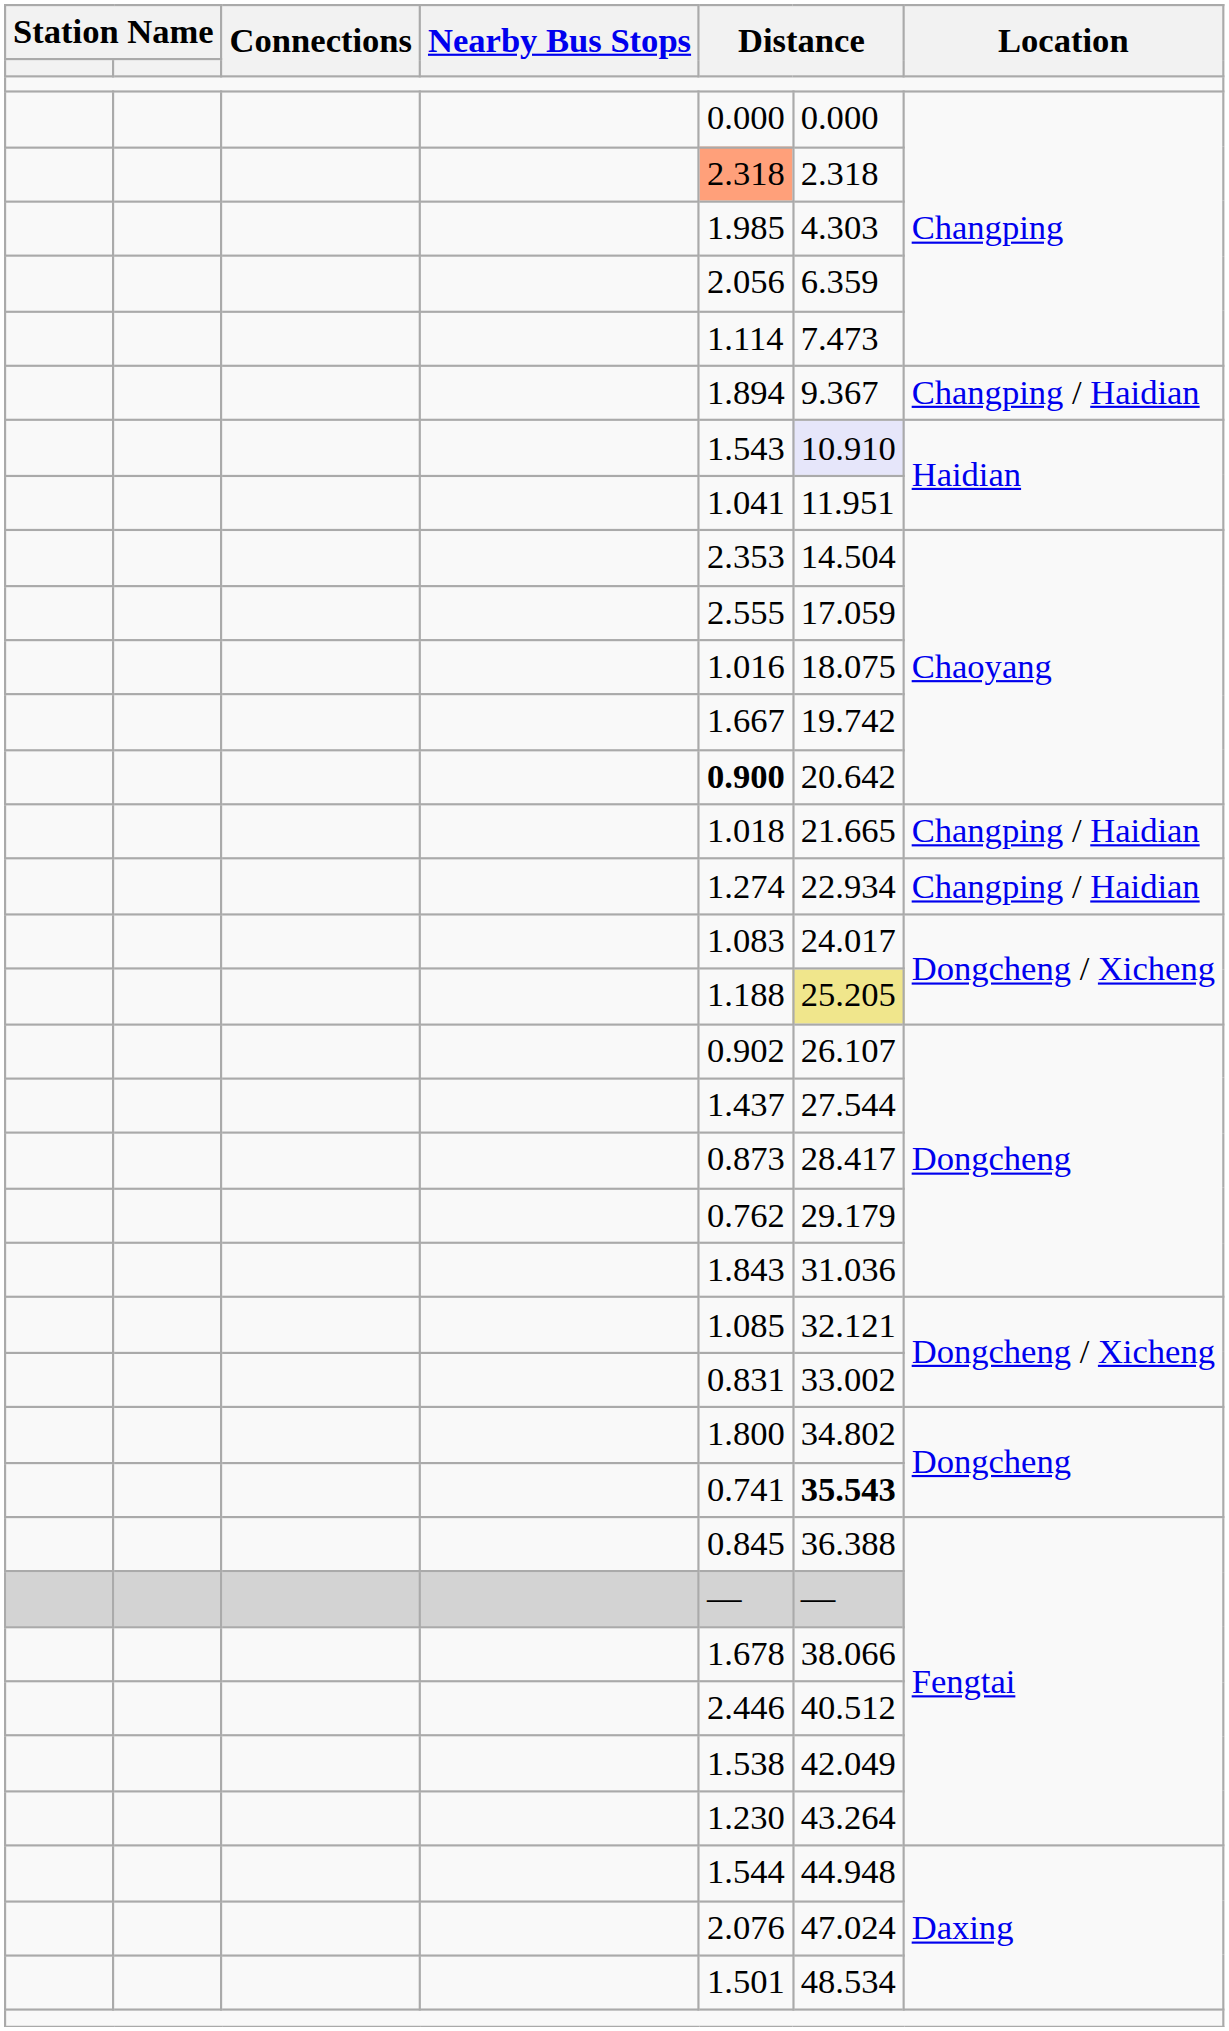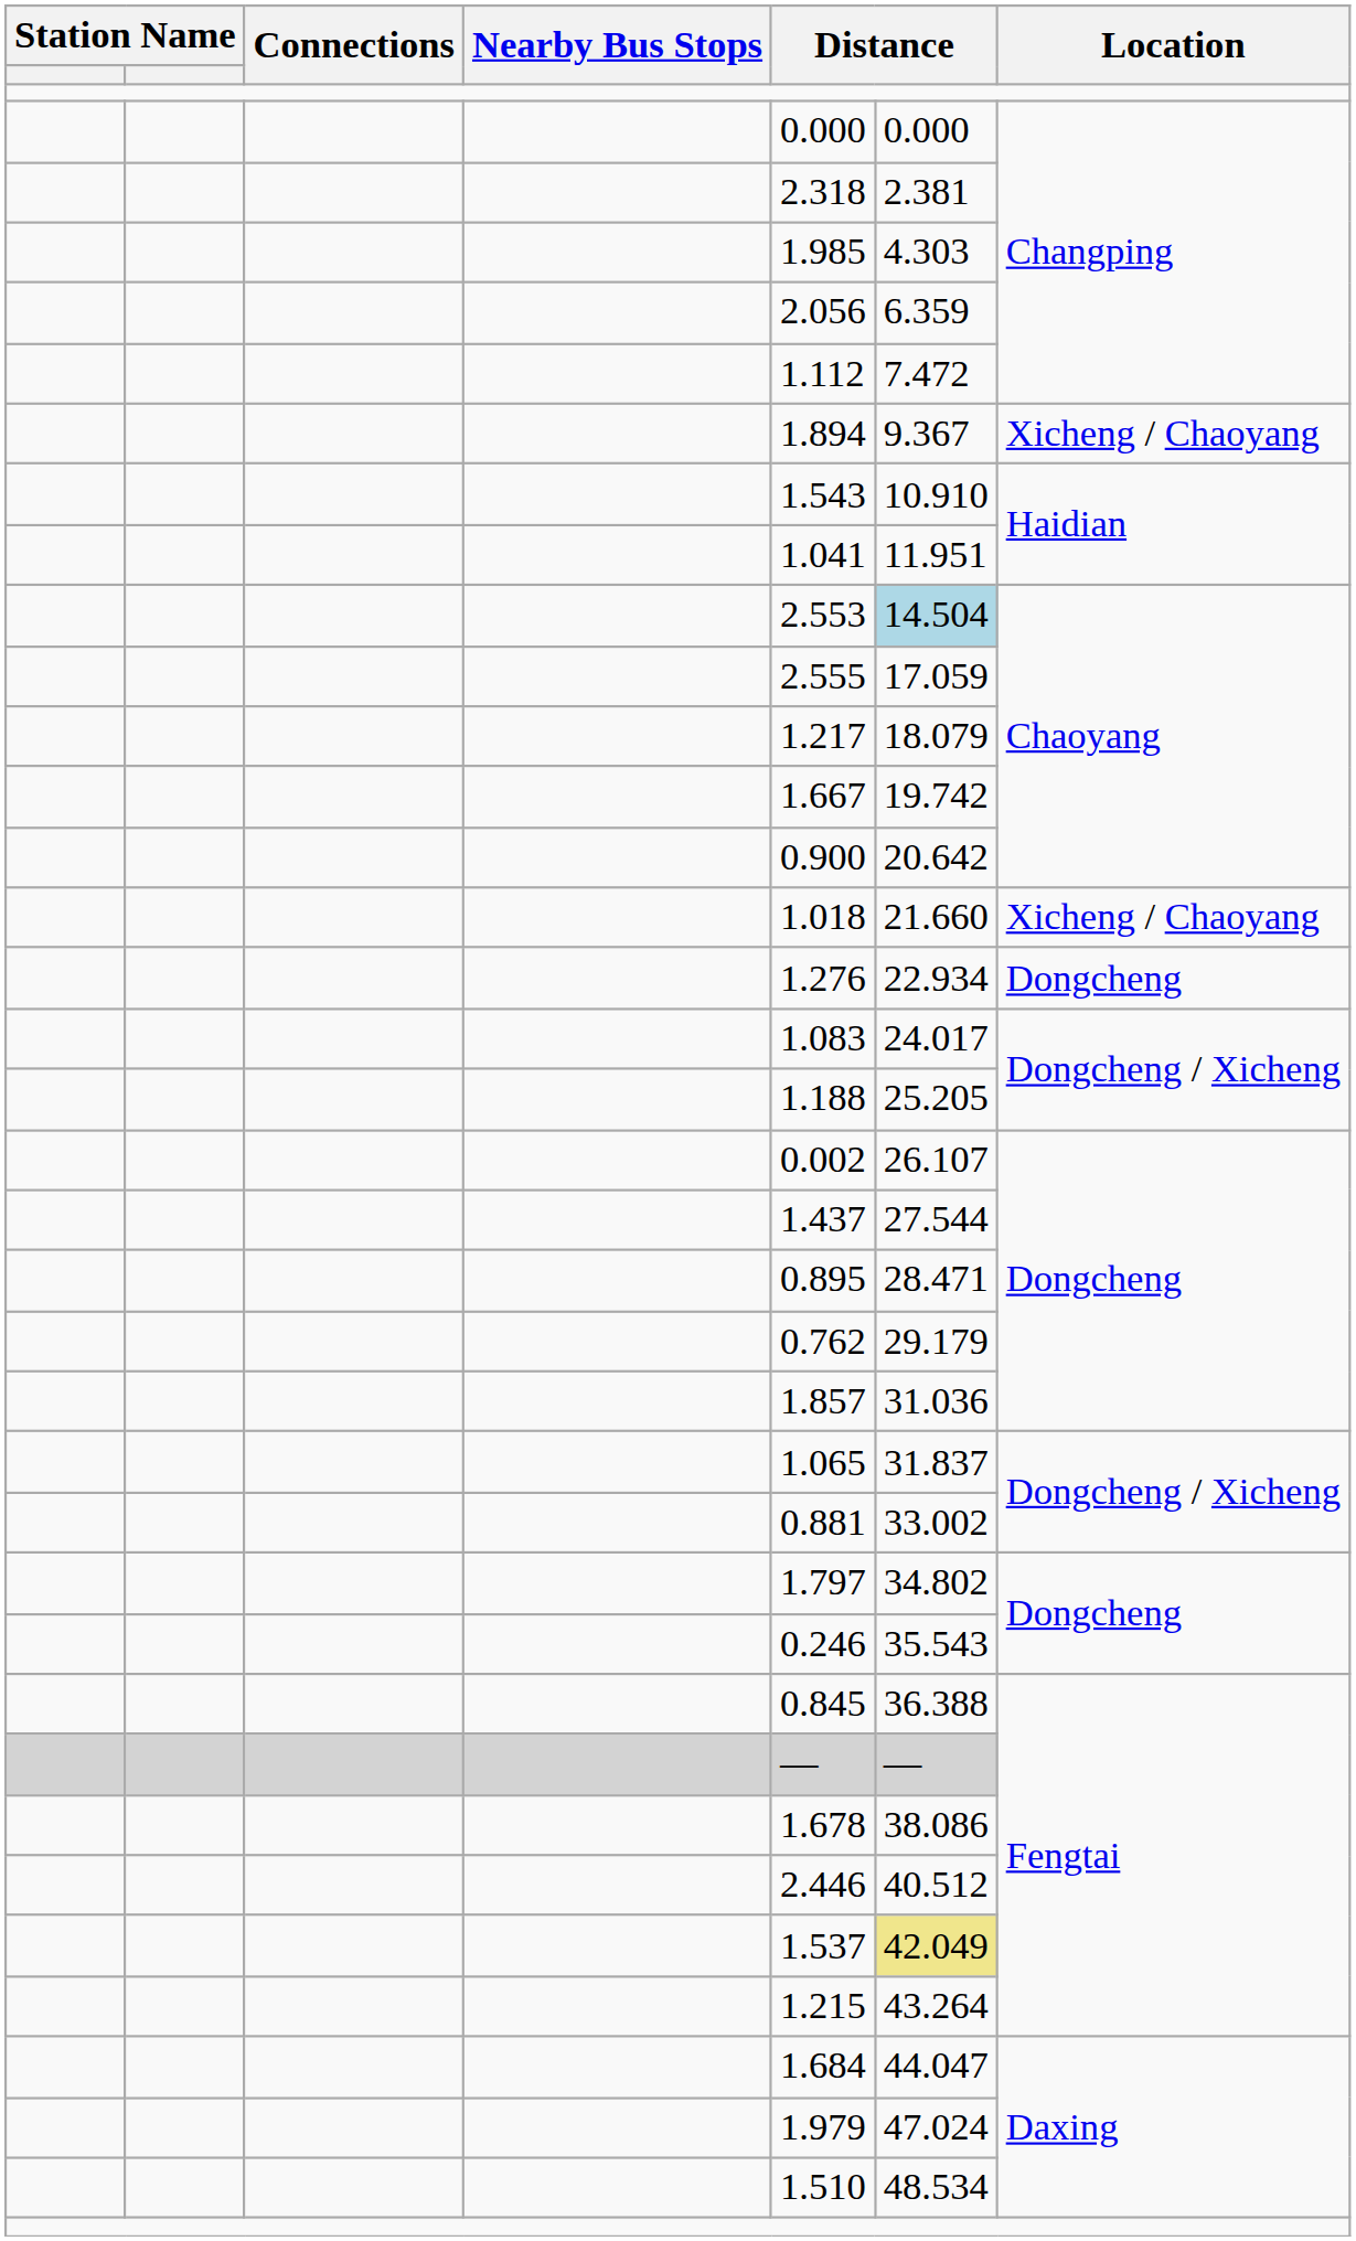 <table class="wikitable">
 <tr>
 <th colspan="2">Station Name</th>
 <th rowspan="2">Connections</th>
 <th rowspan="2"><a href='#'>Nearby Bus Stops</a></th>
 <th colspan="2" rowspan="2">Distance<br></th>
 <th rowspan="2">Location</th>
 </tr>
 <tr>
 <th></th>
 <th></th>
 </tr>
 <tr style="background:#">
 <td colspan = "9"></td>
 </tr>
 <tr>
 <td></td>
 <td></td>
 <td></td>
 <td></td>
 <td>0.000</td>
 <td>0.000</td>
 <td rowspan="5"><a href='#'>Changping</a></td>
 </tr>
 <tr>
 <td></td>
 <td></td>
 <td></td>
 <td></td>
-<td style="background: lightsalmon;">2.318</td>
 <td>2.318</td>
+<td>2.381</td>
 </tr>
 <tr>
 <td></td>
 <td></td>
 <td></td>
 <td></td>
 <td>1.985</td>
 <td>4.303</td>
 </tr>
 <tr>
 <td></td>
 <td></td>
 <td></td>
 <td></td>
 <td>2.056</td>
 <td>6.359</td>
 </tr>
 <tr>
 <td></td>
 <td></td>
 <td><br></td>
 <td></td>
-<td>1.114</td>
-<td>7.473</td>
+<td>1.112</td>
+<td>7.472</td>
 </tr>
 <tr>
 <td></td>
 <td></td>
 <td></td>
 <td></td>
 <td>1.894</td>
 <td>9.367</td>
-<td><a href='#'>Changping</a> / <a href='#'>Haidian</a></td>
+<td><a href='#'>Xicheng</a> / <a href='#'>Chaoyang</a></td>
 </tr>
 <tr>
 <td></td>
 <td></td>
 <td></td>
 <td></td>
 <td>1.543</td>
-<td style="background: lavender;">10.910</td>
+<td>10.910</td>
 <td rowspan="2"><a href='#'>Haidian</a></td>
 </tr>
 <tr>
 <td></td>
 <td></td>
 <td></td>
 <td></td>
 <td>1.041</td>
 <td>11.951</td>
 </tr>
 <tr>
 <td></td>
 <td></td>
 <td></td>
 <td></td>
-<td>2.353</td>
-<td>14.504</td>
+<td>2.553</td>
+<td style="background: lightblue;">14.504</td>
 <td rowspan="5"><a href='#'>Chaoyang</a></td>
 </tr>
 <tr>
 <td></td>
 <td></td>
 <td></td>
 <td></td>
 <td>2.555</td>
 <td>17.059</td>
 </tr>
 <tr>
 <td></td>
 <td></td>
 <td></td>
 <td></td>
-<td>1.016</td>
-<td>18.075</td>
+<td>1.217</td>
+<td>18.079</td>
 </tr>
 <tr>
 <td></td>
 <td></td>
 <td></td>
 <td></td>
 <td>1.667</td>
 <td>19.742</td>
 </tr>
 <tr>
 <td></td>
 <td></td>
 <td></td>
 <td></td>
-<td><strong>0.900</strong></td>
+<td>0.900</td>
 <td>20.642</td>
 </tr>
 <tr>
 <td></td>
 <td></td>
 <td></td>
 <td></td>
 <td>1.018</td>
-<td>21.665</td>
-<td><a href='#'>Changping</a> / <a href='#'>Haidian</a></td>
+<td>21.660</td>
+<td><a href='#'>Xicheng</a> / <a href='#'>Chaoyang</a></td>
 </tr>
 <tr>
 <td></td>
 <td></td>
 <td></td>
 <td></td>
-<td>1.274</td>
+<td>1.276</td>
 <td>22.934</td>
-<td><a href='#'>Changping</a> / <a href='#'>Haidian</a></td>
+<td><a href='#'>Dongcheng</a></td>
 </tr>
 <tr>
 <td></td>
 <td></td>
 <td></td>
 <td></td>
 <td>1.083</td>
 <td>24.017</td>
 <td rowspan="2"><a href='#'>Dongcheng</a> / <a href='#'>Xicheng</a></td>
 </tr>
 <tr>
 <td></td>
 <td></td>
 <td></td>
 <td></td>
 <td>1.188</td>
-<td style="background: khaki;">25.205</td>
+<td>25.205</td>
 </tr>
 <tr>
 <td></td>
 <td></td>
 <td></td>
 <td></td>
-<td>0.902</td>
+<td>0.002</td>
 <td>26.107</td>
 <td rowspan="5"><a href='#'>Dongcheng</a></td>
 </tr>
 <tr>
 <td></td>
 <td></td>
 <td></td>
 <td></td>
 <td>1.437</td>
 <td>27.544</td>
 </tr>
 <tr bgcolor=>
 <td></td>
 <td></td>
 <td></td>
 <td></td>
-<td>0.873</td>
-<td>28.417</td>
+<td>0.895</td>
+<td>28.471</td>
 </tr>
 <tr bgcolor=>
 <td></td>
 <td></td>
 <td></td>
 <td></td>
 <td>0.762</td>
 <td>29.179</td>
 </tr>
 <tr bgcolor=>
 <td></td>
 <td></td>
 <td></td>
 <td></td>
-<td>1.843</td>
+<td>1.857</td>
 <td>31.036</td>
 </tr>
 <tr>
 <td></td>
 <td></td>
 <td></td>
 <td></td>
-<td>1.085</td>
-<td>32.121</td>
+<td>1.065</td>
+<td>31.837</td>
 <td rowspan="2"><a href='#'>Dongcheng</a> / <a href='#'>Xicheng</a></td>
 </tr>
 <tr>
 <td></td>
 <td></td>
 <td></td>
 <td></td>
-<td>0.831</td>
+<td>0.881</td>
 <td>33.002</td>
 </tr>
 <tr>
 <td></td>
 <td></td>
 <td></td>
 <td></td>
-<td>1.800</td>
+<td>1.797</td>
 <td>34.802</td>
 <td rowspan="2"><a href='#'>Dongcheng</a></td>
 </tr>
 <tr>
 <td></td>
 <td></td>
 <td></td>
 <td></td>
-<td>0.741</td>
-<td><strong>35.543</strong></td>
+<td>0.246</td>
+<td>35.543</td>
 </tr>
 <tr>
 <td></td>
 <td></td>
 <td></td>
 <td></td>
 <td>0.845</td>
 <td>36.388</td>
 <td rowspan="6"><a href='#'>Fengtai</a></td>
 </tr>
 <tr bgcolor="lightgrey">
 <td><em></em></td>
 <td></td>
 <td></td>
 <td></td>
 <td>—</td>
 <td>—</td>
 </tr>
 <tr>
 <td></td>
 <td></td>
 <td></td>
 <td></td>
 <td>1.678</td>
-<td>38.066</td>
+<td>38.086</td>
 </tr>
 <tr>
 <td></td>
 <td></td>
 <td></td>
 <td></td>
 <td>2.446</td>
 <td>40.512</td>
 </tr>
 <tr>
 <td></td>
 <td></td>
 <td></td>
 <td></td>
-<td>1.538</td>
-<td>42.049</td>
+<td>1.537</td>
+<td style="background: khaki;">42.049</td>
 </tr>
 <tr>
 <td></td>
 <td></td>
 <td></td>
 <td></td>
-<td>1.230</td>
+<td>1.215</td>
 <td>43.264</td>
 </tr>
 <tr>
 <td></td>
 <td></td>
 <td></td>
 <td></td>
-<td>1.544</td>
-<td>44.948</td>
+<td>1.684</td>
+<td>44.047</td>
 <td rowspan="3"><a href='#'>Daxing</a></td>
 </tr>
 <tr>
 <td></td>
 <td></td>
 <td></td>
 <td></td>
-<td>2.076</td>
+<td>1.979</td>
 <td>47.024</td>
 </tr>
 <tr>
 <td></td>
 <td></td>
 <td></td>
 <td></td>
-<td>1.501</td>
+<td>1.510</td>
 <td>48.534</td>
 </tr>
 <tr style="background:#">
 <td colspan = "9"></td>
 </tr>
 </table>
